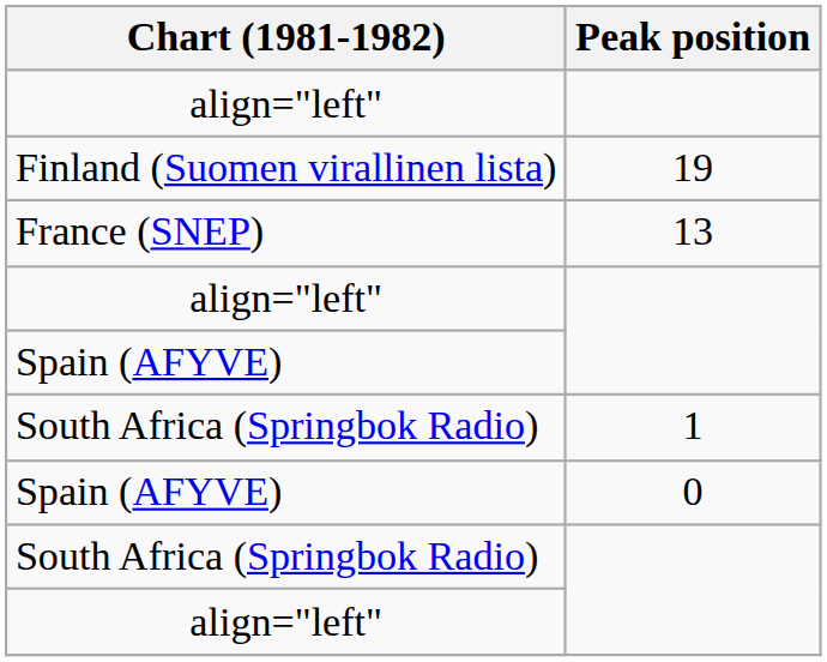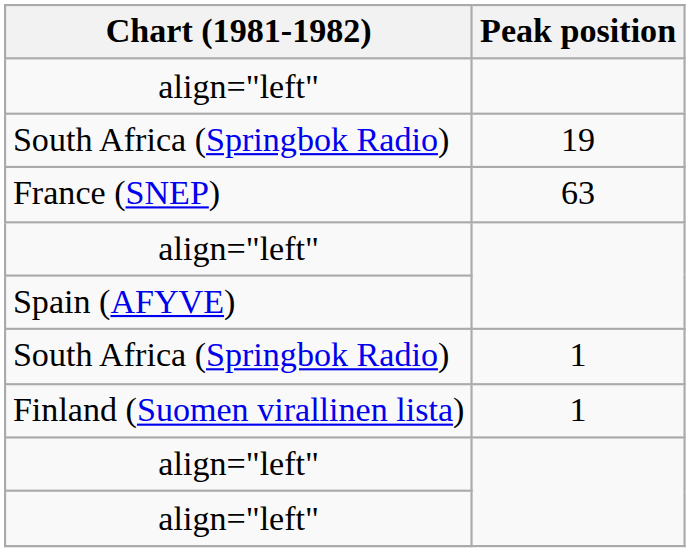 <table class="wikitable sortable plainrowheaders" style="text-align:center">
 <tr>
 <th scope="col">Chart (1981-1982)</th>
 <th scope="col">Peak position</th>
 </tr>
 <tr>
 <td>align="left"</td>
 </tr>
 <tr>
-<td align="left">Finland (<a href='#'>Suomen virallinen lista</a>)</td>
+<td align="left">South Africa (<a href='#'>Springbok Radio</a>)</td>
 <td>19</td>
 </tr>
 <tr>
 <td align="left">France (<a href='#'>SNEP</a>)</td>
-<td>13</td>
+<td>63</td>
 </tr>
 <tr>
 <td>align="left"</td>
 </tr>
 <tr>
 <td align="left">Spain (<a href='#'>AFYVE</a>)</td>
 </tr>
 <tr>
 <td align="left">South Africa (<a href='#'>Springbok Radio</a>)</td>
 <td align="center">1</td>
 </tr>
 <tr>
-<td align="left">Spain (<a href='#'>AFYVE</a>)</td>
-<td>0</td>
+<td align="left">Finland (<a href='#'>Suomen virallinen lista</a>)</td>
+<td>1</td>
 </tr>
 <tr>
-<td align="left">South Africa (<a href='#'>Springbok Radio</a>)</td>
+<td>align="left"</td>
 </tr>
 <tr>
 <td>align="left"</td>
 </tr>
 <tr>
 </tr>
 </table>
